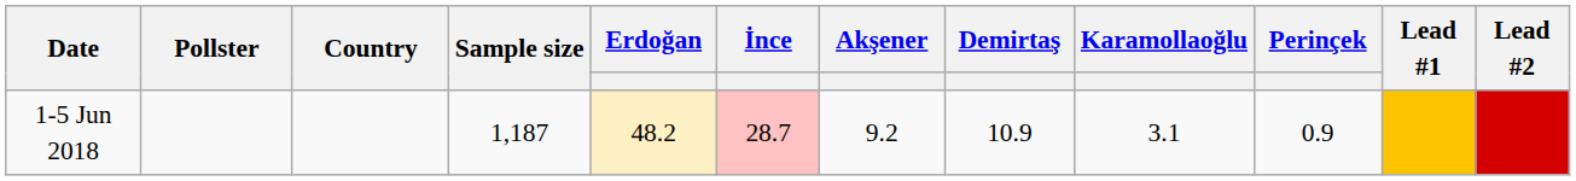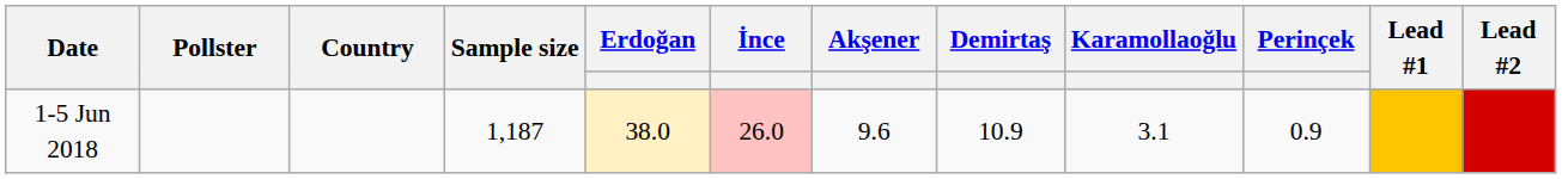 <table class="wikitable" style="text-align:center; font-size:90%; line-height:20px;">
 <tr>
 <th rowspan=2 width="110px">Date</th>
 <th rowspan=2 width="110px">Pollster</th>
 <th rowspan=2 width="110px">Country</th>
 <th rowspan=2 width="50px">Sample size</th>
 <th width=75><a href='#'>Erdoğan</a></th>
 <th width=75><a href='#'>İnce</a></th>
 <th width=75><a href='#'>Akşener</a></th>
 <th width=75><a href='#'>Demirtaş</a></th>
 <th width=75><a href='#'>Karamollaoğlu</a></th>
 <th width=75><a href='#'>Perinçek</a></th>
 <th width=60 rowspan=2>Lead #1</th>
 <th width=60 rowspan=2>Lead #2</th>
 </tr>
 <tr>
 <th style="background: "></th>
 <th style="background: "></th>
 <th style="background: "></th>
 <th style="background: "></th>
 <th style="background: "></th>
 <th style="background: "></th>
 </tr>
 <tr>
 <td>1-5 Jun 2018</td>
 <td></td>
 <td></td>
 <td>1,187</td>
-<td style="background: #FFF1C4">48.2</td>
-<td style="background: #FFC2C2">28.7</td>
-<td>9.2</td>
+<td style="background: #FFF1C4">38.0</td>
+<td style="background: #FFC2C2">26.0</td>
+<td>9.6</td>
 <td>10.9</td>
 <td>3.1</td>
 <td>0.9</td>
 <td style="background: #FDC400"></td>
 <td style="background: #d40000"></td>
 </tr>
 </table>
